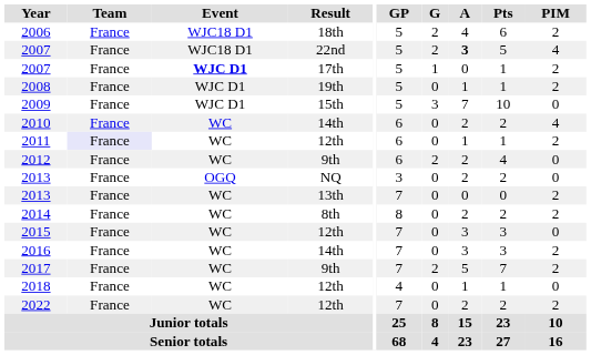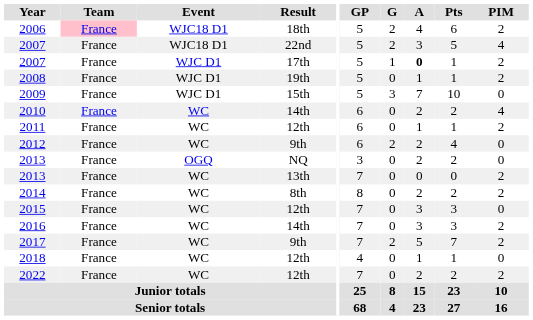 <table border="0" cellpadding="1" cellspacing="0" ID="Table3" style="text-align:center; width:40em">
 <tr ALIGN="center" bgcolor="#e0e0e0">
 <th>Year</th>
 <th>Team</th>
 <th>Event</th>
 <th>Result</th>
 <th rowspan="99" bgcolor="#ffffff"></th>
 <th>GP</th>
 <th>G</th>
 <th>A</th>
 <th>Pts</th>
 <th>PIM</th>
 </tr>
 <tr>
 <td><a href='#'>2006</a></td>
-<td><a href='#'>France</a></td>
+<td style="background: pink;"><a href='#'>France</a></td>
 <td><a href='#'>WJC18 D1</a></td>
 <td>18th</td>
 <td>5</td>
 <td>2</td>
 <td>4</td>
 <td>6</td>
 <td>2</td>
 </tr>
 <tr bgcolor="#f0f0f0">
 <td><a href='#'>2007</a></td>
 <td>France</td>
 <td>WJC18 D1</td>
 <td>22nd</td>
 <td>5</td>
 <td>2</td>
-<td><strong>3</strong></td>
+<td>3</td>
 <td>5</td>
 <td>4</td>
 </tr>
 <tr>
 <td><a href='#'>2007</a></td>
 <td>France</td>
-<td><strong><a href='#'>WJC D1</a></strong></td>
+<td><a href='#'>WJC D1</a></td>
 <td>17th</td>
 <td>5</td>
 <td>1</td>
-<td>0</td>
+<td><strong>0</strong></td>
 <td>1</td>
 <td>2</td>
 </tr>
 <tr bgcolor="#f0f0f0">
 <td><a href='#'>2008</a></td>
 <td>France</td>
 <td>WJC D1</td>
 <td>19th</td>
 <td>5</td>
 <td>0</td>
 <td>1</td>
 <td>1</td>
 <td>2</td>
 </tr>
 <tr>
 <td><a href='#'>2009</a></td>
 <td>France</td>
 <td>WJC D1</td>
 <td>15th</td>
 <td>5</td>
 <td>3</td>
 <td>7</td>
 <td>10</td>
 <td>0</td>
 </tr>
 <tr bgcolor="#f0f0f0">
 <td><a href='#'>2010</a></td>
 <td><a href='#'>France</a></td>
 <td><a href='#'>WC</a></td>
 <td>14th</td>
 <td>6</td>
 <td>0</td>
 <td>2</td>
 <td>2</td>
 <td>4</td>
 </tr>
 <tr>
 <td><a href='#'>2011</a></td>
-<td style="background: lavender;">France</td>
+<td>France</td>
 <td>WC</td>
 <td>12th</td>
 <td>6</td>
 <td>0</td>
 <td>1</td>
 <td>1</td>
 <td>2</td>
 </tr>
 <tr bgcolor="#f0f0f0">
 <td><a href='#'>2012</a></td>
 <td>France</td>
 <td>WC</td>
 <td>9th</td>
 <td>6</td>
 <td>2</td>
 <td>2</td>
 <td>4</td>
 <td>0</td>
 </tr>
 <tr>
 <td><a href='#'>2013</a></td>
 <td>France</td>
 <td><a href='#'>OGQ</a></td>
 <td>NQ</td>
 <td>3</td>
 <td>0</td>
 <td>2</td>
 <td>2</td>
 <td>0</td>
 </tr>
 <tr bgcolor="#f0f0f0">
 <td><a href='#'>2013</a></td>
 <td>France</td>
 <td>WC</td>
 <td>13th</td>
 <td>7</td>
 <td>0</td>
 <td>0</td>
 <td>0</td>
 <td>2</td>
 </tr>
 <tr>
 <td><a href='#'>2014</a></td>
 <td>France</td>
 <td>WC</td>
 <td>8th</td>
 <td>8</td>
 <td>0</td>
 <td>2</td>
 <td>2</td>
 <td>2</td>
 </tr>
 <tr bgcolor="#f0f0f0">
 <td><a href='#'>2015</a></td>
 <td>France</td>
 <td>WC</td>
 <td>12th</td>
 <td>7</td>
 <td>0</td>
 <td>3</td>
 <td>3</td>
 <td>0</td>
 </tr>
 <tr>
 <td><a href='#'>2016</a></td>
 <td>France</td>
 <td>WC</td>
 <td>14th</td>
 <td>7</td>
 <td>0</td>
 <td>3</td>
 <td>3</td>
 <td>2</td>
 </tr>
 <tr bgcolor="#f0f0f0">
 <td><a href='#'>2017</a></td>
 <td>France</td>
 <td>WC</td>
 <td>9th</td>
 <td>7</td>
 <td>2</td>
 <td>5</td>
 <td>7</td>
 <td>2</td>
 </tr>
 <tr>
 <td><a href='#'>2018</a></td>
 <td>France</td>
 <td>WC</td>
 <td>12th</td>
 <td>4</td>
 <td>0</td>
 <td>1</td>
 <td>1</td>
 <td>0</td>
 </tr>
 <tr bgcolor="#f0f0f0">
 <td><a href='#'>2022</a></td>
 <td>France</td>
 <td>WC</td>
 <td>12th</td>
 <td>7</td>
 <td>0</td>
 <td>2</td>
 <td>2</td>
 <td>2</td>
 </tr>
 <tr bgcolor="#e0e0e0">
 <th colspan="4">Junior totals</th>
 <th>25</th>
 <th>8</th>
 <th>15</th>
 <th>23</th>
 <th>10</th>
 </tr>
 <tr bgcolor="#e0e0e0">
 <th colspan="4">Senior totals</th>
 <th>68</th>
 <th>4</th>
 <th>23</th>
 <th>27</th>
 <th>16</th>
 </tr>
 </table>
